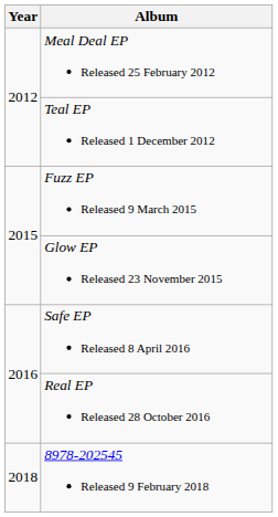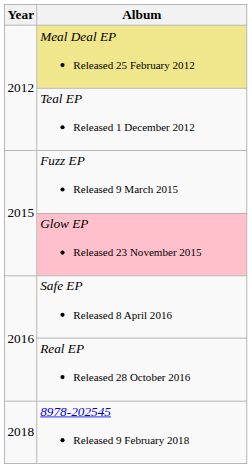 <table class="wikitable">
 <tr>
 <th style="width:18px;">Year</th>
 <th style="width:245px;">Album</th>
 </tr>
 <tr>
 <td rowspan="2">2012</td>
-<td><em>Meal Deal EP</em><br><ul><li><small>Released 25 February 2012</small></li></ul></td>
+<td style="background: khaki;"><em>Meal Deal EP</em><br><ul><li><small>Released 25 February 2012</small></li></ul></td>
 </tr>
 <tr>
 <td><em>Teal EP</em><br><ul><li><small>Released 1 December 2012</small></li></ul></td>
 </tr>
 <tr>
 <td rowspan="2">2015</td>
 <td><em>Fuzz EP</em><br><ul><li><small>Released 9 March 2015</small></li></ul></td>
 </tr>
 <tr>
-<td><em>Glow EP</em><br><ul><li><small>Released 23 November 2015</small></li></ul></td>
+<td style="background: pink;"><em>Glow EP</em><br><ul><li><small>Released 23 November 2015</small></li></ul></td>
 </tr>
 <tr>
 <td rowspan="2">2016</td>
 <td><em>Safe EP</em><br><ul><li><small>Released 8 April 2016</small></li></ul></td>
 </tr>
 <tr>
 <td><em>Real EP</em><br><ul><li><small>Released 28 October 2016</small></li></ul></td>
 </tr>
 <tr>
 <td rowspan="2">2018</td>
 <td><em><a href='#'>8978-202545</a></em><br><ul><li><small>Released 9 February 2018</small></li></ul></td>
 </tr>
 </table>
